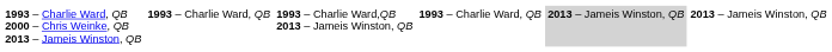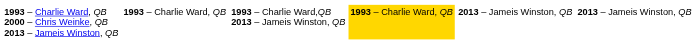 <table cellpadding="3" style="font-size:.9em">
 <tr>
 </tr>
 <tr>
 </tr>
 <tr style="vertical-align:top;">
 <td><strong>1993</strong> – <a href='#'>Charlie Ward</a>, <em>QB</em><br><strong>2000</strong> – <a href='#'>Chris Weinke</a>, <em>QB</em><br><strong>2013</strong> – <a href='#'>Jameis Winston</a>, <em>QB</em></td>
 <td><strong>1993</strong> – Charlie Ward, <em>QB</em></td>
 <td><strong>1993</strong> – Charlie Ward,<em>QB</em><br><strong>2013</strong> – Jameis Winston, <em>QB</em></td>
-<td><strong>1993</strong> – Charlie Ward, <em>QB</em></td>
-<td style="background: lightgrey;"><strong>2013</strong> – Jameis Winston, <em>QB</em></td>
+<td style="background: gold;"><strong>1993</strong> – Charlie Ward, <em>QB</em></td>
+<td><strong>2013</strong> – Jameis Winston, <em>QB</em></td>
 <td><strong>2013</strong> – Jameis Winston, <em>QB</em></td>
 </tr>
 </table>
